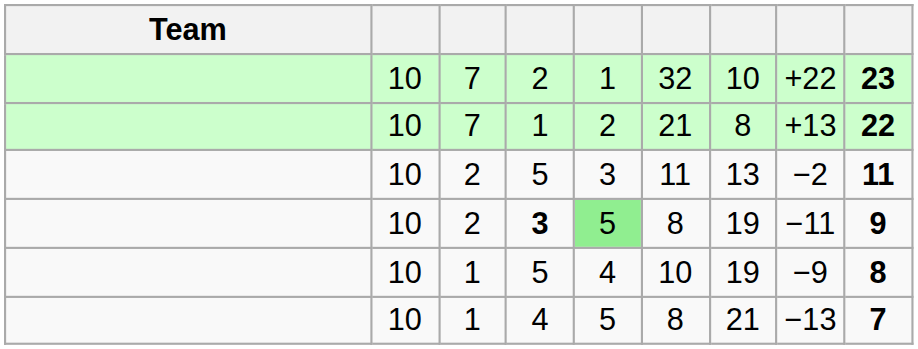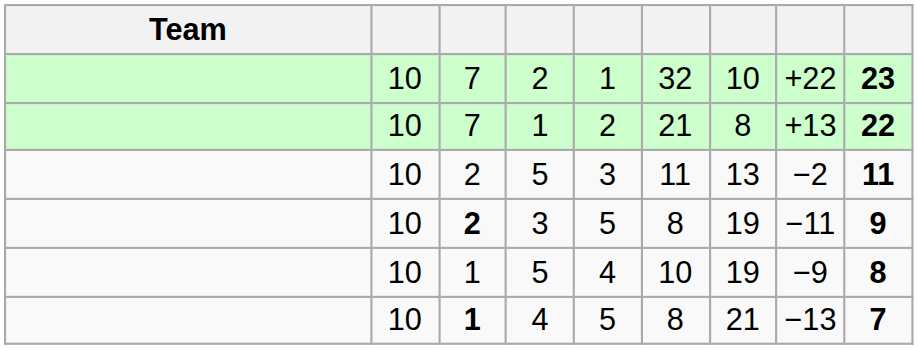 <table class="wikitable" style="text-align: center; font-size: 90%;">
 <tr>
 <th width=165>Team</th>
 <th width=25></th>
 <th width=25></th>
 <th width=25></th>
 <th width=25></th>
 <th width=25></th>
 <th width=25></th>
 <th width=25></th>
 <th width=25></th>
 </tr>
 <tr style="background:#cfc;">
 <td align=left></td>
 <td>10</td>
 <td>7</td>
 <td>2</td>
 <td>1</td>
 <td>32</td>
 <td>10</td>
 <td>+22</td>
 <td><strong>23</strong></td>
 </tr>
 <tr style="background:#cfc;">
 <td align=left></td>
 <td>10</td>
 <td>7</td>
 <td>1</td>
 <td>2</td>
 <td>21</td>
 <td>8</td>
 <td>+13</td>
 <td><strong>22</strong></td>
 </tr>
 <tr>
 <td align=left></td>
 <td>10</td>
 <td>2</td>
 <td>5</td>
 <td>3</td>
 <td>11</td>
 <td>13</td>
 <td>−2</td>
 <td><strong>11</strong></td>
 </tr>
 <tr>
 <td align=left></td>
 <td>10</td>
-<td>2</td>
-<td><strong>3</strong></td>
-<td style="background: lightgreen;">5</td>
+<td><strong>2</strong></td>
+<td>3</td>
+<td>5</td>
 <td>8</td>
 <td>19</td>
 <td>−11</td>
 <td><strong>9</strong></td>
 </tr>
 <tr>
 <td align=left></td>
 <td>10</td>
 <td>1</td>
 <td>5</td>
 <td>4</td>
 <td>10</td>
 <td>19</td>
 <td>−9</td>
 <td><strong>8</strong></td>
 </tr>
 <tr>
 <td align=left></td>
 <td>10</td>
-<td>1</td>
+<td><strong>1</strong></td>
 <td>4</td>
 <td>5</td>
 <td>8</td>
 <td>21</td>
 <td>−13</td>
 <td><strong>7</strong></td>
 </tr>
 </table>
